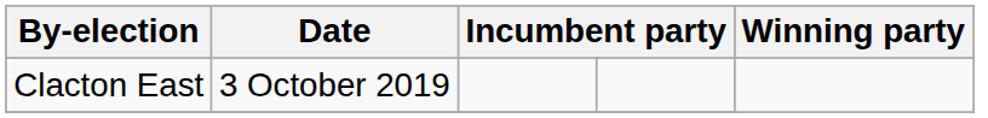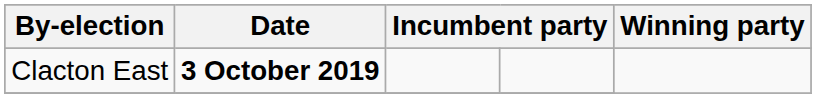 <table class="wikitable">
 <tr>
 <th>By-election</th>
 <th>Date</th>
 <th colspan=2>Incumbent party</th>
 <th colspan=2>Winning party</th>
 </tr>
 <tr>
 <td>Clacton East</td>
-<td>3 October 2019</td>
+<td><strong>3 October 2019</strong></td>
 <td></td>
 <td></td>
 </tr>
 <tr>
 </tr>
 </table>
